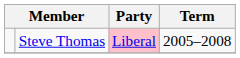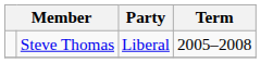 <table class="wikitable">
 <tr>
 <th colspan="2">Member</th>
 <th>Party</th>
 <th>Term</th>
 </tr>
 <tr>
 <td> </td>
 <td><a href='#'>Steve Thomas</a></td>
-<td style="background: pink;"><a href='#'>Liberal</a></td>
+<td><a href='#'>Liberal</a></td>
 <td>2005–2008</td>
 </tr>
 <tr>
 </tr>
 </table>
